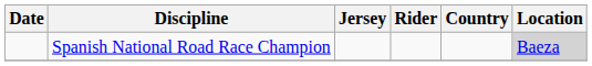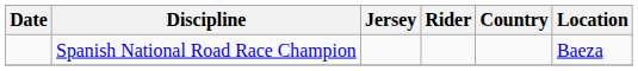 <table class="wikitable">
 <tr>
 <th>Date</th>
 <th>Discipline</th>
 <th>Jersey</th>
 <th>Rider</th>
 <th>Country</th>
 <th>Location</th>
 </tr>
 <tr>
 <td></td>
 <td><a href='#'>Spanish National Road Race Champion</a></td>
 <td></td>
 <td></td>
 <td></td>
-<td style="background: lightgrey;"><a href='#'>Baeza</a></td>
+<td><a href='#'>Baeza</a></td>
 </tr>
 <tr>
 </tr>
 </table>
